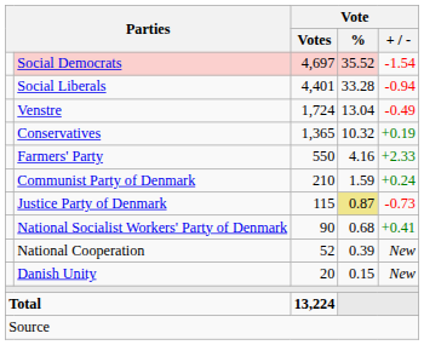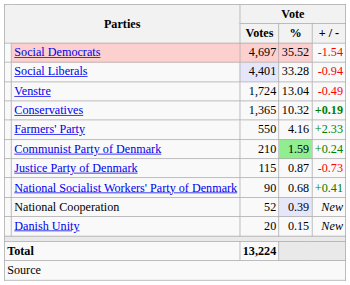 <table class="wikitable" style="text-align:right;">
 <tr>
 <th style="text-align:centre;" rowspan="2" colspan="2" width="225">Parties</th>
 <th colspan="3">Vote</th>
 </tr>
 <tr>
 <th width="15">Votes</th>
 <th width="15">%</th>
 <th width="15">+ / -</th>
 </tr>
 <tr>
 <td width="2" style="color:inherit;background:"></td>
 <td bgcolor=#fbd0ce  align="left"><a href='#'>Social Democrats</a></td>
 <td bgcolor=#fbd0ce>4,697</td>
 <td bgcolor=#fbd0ce>35.52</td>
 <td style=color:red;>-1.54</td>
 </tr>
 <tr>
 <td width="2" style="color:inherit;background:"></td>
 <td align="left"><a href='#'>Social Liberals</a></td>
-<td>4,401</td>
+<td style="background: lavender;">4,401</td>
 <td>33.28</td>
 <td style=color:red;>-0.94</td>
 </tr>
 <tr>
 <td width="2" style="color:inherit;background:"></td>
 <td align="left"><a href='#'>Venstre</a></td>
 <td>1,724</td>
 <td>13.04</td>
 <td style=color:red;>-0.49</td>
 </tr>
 <tr>
 <td width="2" style="color:inherit;background:"></td>
 <td align="left"><a href='#'>Conservatives</a></td>
 <td>1,365</td>
 <td>10.32</td>
-<td style=color:green;>+0.19</td>
+<td style=color:green;><strong>+0.19</strong></td>
 </tr>
 <tr>
 <td width="2" style="color:inherit;background:"></td>
 <td align="left"><a href='#'>Farmers' Party</a></td>
 <td>550</td>
 <td>4.16</td>
 <td style=color:green;>+2.33</td>
 </tr>
 <tr>
 <td width="2" style="color:inherit;background:"></td>
 <td align="left"><a href='#'>Communist Party of Denmark</a></td>
 <td>210</td>
-<td>1.59</td>
+<td style="background: lightgreen;">1.59</td>
 <td style=color:green;>+0.24</td>
 </tr>
 <tr>
 <td width="2" style="color:inherit;background:"></td>
 <td align="left"><a href='#'>Justice Party of Denmark</a></td>
 <td>115</td>
-<td style="background: khaki;">0.87</td>
+<td>0.87</td>
 <td style=color:red;>-0.73</td>
 </tr>
 <tr>
 <td width="2" style="color:inherit;background:"></td>
 <td align="left"><a href='#'>National Socialist Workers' Party of Denmark</a></td>
 <td>90</td>
 <td>0.68</td>
 <td style=color:green;>+0.41</td>
 </tr>
 <tr>
 <td width="2" style="color:inherit;background:"></td>
 <td align="left">National Cooperation</td>
 <td>52</td>
-<td>0.39</td>
+<td style="background: lavender;">0.39</td>
 <td><em>New</em></td>
 </tr>
 <tr>
 <td width="2" style="color:inherit;background:"></td>
 <td align="left"><a href='#'>Danish Unity</a></td>
 <td>20</td>
 <td>0.15</td>
 <td><em>New</em></td>
 </tr>
 <tr>
 <td colspan="7" bgcolor="#E9E9E9"></td>
 </tr>
 <tr>
 <td align="left" colspan="2"><strong>Total</strong></td>
 <td><strong>13,224</strong></td>
 <td bgcolor="#E9E9E9" colspan="2"></td>
 </tr>
 <tr>
 <td align="left" colspan="6">Source</td>
 </tr>
 </table>
